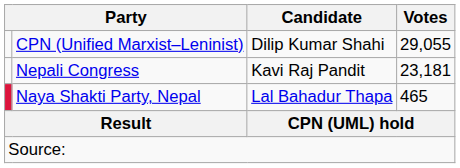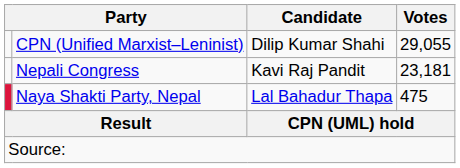 <table class="wikitable">
 <tr>
 <th colspan="2">Party</th>
 <th>Candidate</th>
 <th>Votes</th>
 </tr>
 <tr>
 <td style="background-color:"></td>
 <td><a href='#'>CPN (Unified Marxist–Leninist)</a></td>
 <td>Dilip Kumar Shahi</td>
 <td>29,055</td>
 </tr>
 <tr>
 <td style="background-color:"></td>
 <td><a href='#'>Nepali Congress</a></td>
 <td>Kavi Raj Pandit</td>
 <td>23,181</td>
 </tr>
 <tr>
 <td style="background-color:crimson"></td>
 <td><a href='#'>Naya Shakti Party, Nepal</a></td>
 <td><a href='#'>Lal Bahadur Thapa</a></td>
-<td>465</td>
+<td>475</td>
 </tr>
 <tr>
 <th colspan="2">Result</th>
 <th colspan="2">CPN (UML) hold</th>
 </tr>
 <tr>
 <td colspan="4">Source: </td>
 </tr>
 </table>
